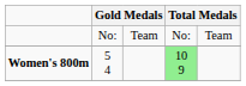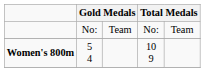 <table class="wikitable" style="text-align: center; font-size:95%;">
 <tr>
 <td></td>
 <th colspan=2>Gold Medals</th>
 <th colspan=2>Total Medals</th>
 </tr>
 <tr>
 <td></td>
 <td>No:</td>
 <td>Team</td>
 <td>No:</td>
 <td>Team</td>
 </tr>
 <tr>
 </tr>
 <tr>
 <td><strong>Women's 800m</strong></td>
 <td>5 <br> 4</td>
 <td align="left"> <br> </td>
-<td style="background: lightgreen;">10 <br> 9</td>
+<td>10 <br> 9</td>
 <td align="left"> <br> </td>
 </tr>
 <tr>
 </tr>
 </table>
